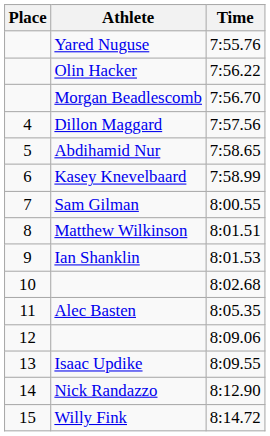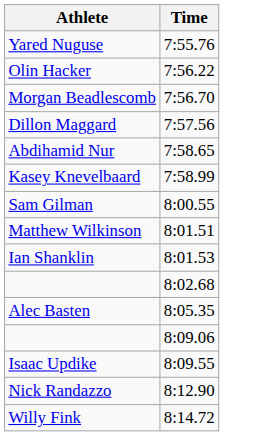 <table class="wikitable">
 <tr>
-<th>Place</th>
 <th>Athlete</th>
 <th>Time</th>
 </tr>
 <tr>
-<td align=center></td>
 <td><a href='#'>Yared Nuguse</a></td>
 <td>7:55.76</td>
 </tr>
 <tr>
-<td align=center></td>
 <td><a href='#'>Olin Hacker</a></td>
 <td>7:56.22</td>
 </tr>
 <tr>
-<td align=center></td>
 <td><a href='#'>Morgan Beadlescomb</a></td>
 <td>7:56.70</td>
 </tr>
 <tr>
-<td align=center>4</td>
 <td><a href='#'>Dillon Maggard</a></td>
 <td>7:57.56</td>
 </tr>
 <tr>
-<td align=center>5</td>
 <td><a href='#'>Abdihamid Nur</a></td>
 <td>7:58.65</td>
 </tr>
 <tr>
-<td align=center>6</td>
 <td><a href='#'>Kasey Knevelbaard</a></td>
 <td>7:58.99</td>
 </tr>
 <tr>
-<td align=center>7</td>
 <td><a href='#'>Sam Gilman</a></td>
 <td>8:00.55</td>
 </tr>
 <tr>
-<td align=center>8</td>
 <td><a href='#'>Matthew Wilkinson</a></td>
 <td>8:01.51</td>
 </tr>
 <tr>
-<td align=center>9</td>
 <td><a href='#'>Ian Shanklin</a></td>
 <td>8:01.53</td>
 </tr>
 <tr>
-<td align=center>10</td>
 <td></td>
 <td>8:02.68</td>
 </tr>
 <tr>
-<td align=center>11</td>
 <td><a href='#'>Alec Basten</a></td>
 <td>8:05.35</td>
 </tr>
 <tr>
-<td align=center>12</td>
 <td></td>
 <td>8:09.06</td>
 </tr>
 <tr>
-<td align=center>13</td>
 <td><a href='#'>Isaac Updike</a></td>
 <td>8:09.55</td>
 </tr>
 <tr>
-<td align=center>14</td>
 <td><a href='#'>Nick Randazzo</a></td>
 <td>8:12.90</td>
 </tr>
 <tr>
-<td align=center>15</td>
 <td><a href='#'>Willy Fink</a></td>
 <td>8:14.72</td>
 </tr>
 </table>
